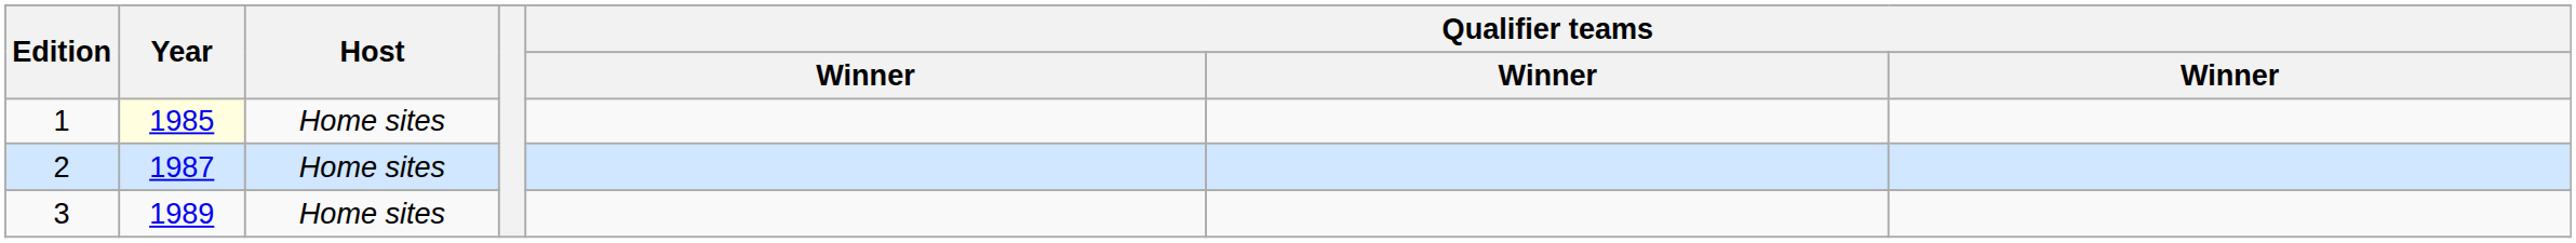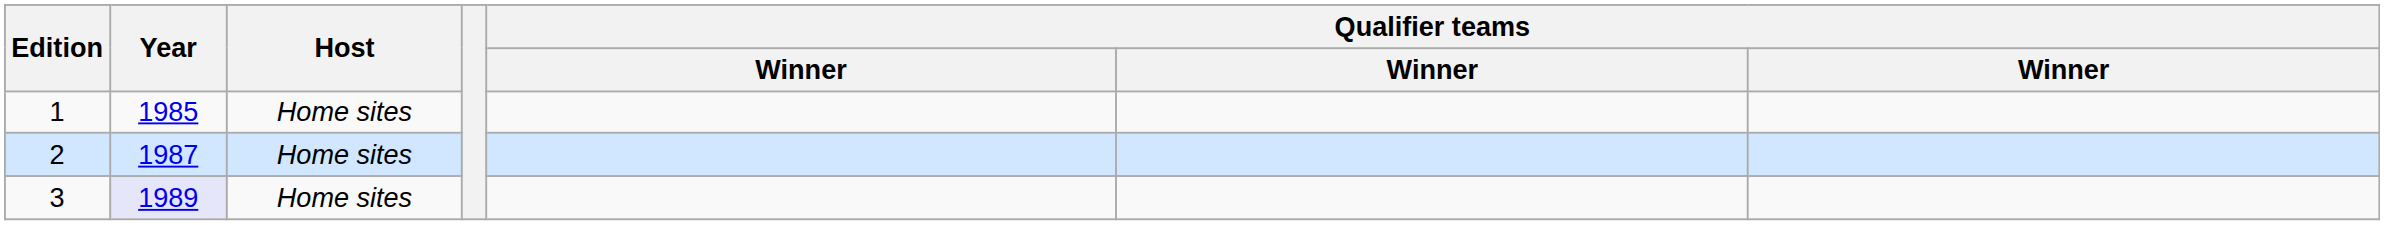 <table class="wikitable" style="font-size:90%; width:100%; text-align:center;">
 <tr>
 <th rowspan=2 width=3%>Edition</th>
 <th rowspan=2 width=5%>Year</th>
 <th rowspan=2 width=10%>Host</th>
 <th width=1% rowspan=5></th>
 <th colspan=3>Qualifier teams</th>
 </tr>
 <tr>
 <th width=27%>Winner</th>
 <th width=27%>Winner</th>
 <th width=27%>Winner</th>
 </tr>
 <tr>
 <td>1</td>
-<td style="background: lightyellow;"><a href='#'>1985</a></td>
+<td><a href='#'>1985</a></td>
 <td> <em>Home sites</em></td>
 <td><strong></strong></td>
 <td><strong></strong></td>
 <td><strong></strong></td>
 </tr>
 <tr bgcolor=#D0E7FF>
 <td>2</td>
 <td><a href='#'>1987</a></td>
 <td> <em>Home sites</em></td>
 <td><strong></strong></td>
 <td><strong></strong></td>
 <td><strong></strong></td>
 </tr>
 <tr>
 <td>3</td>
-<td><a href='#'>1989</a></td>
+<td style="background: lavender;"><a href='#'>1989</a></td>
 <td> <em>Home sites</em></td>
 <td><strong></strong></td>
 <td><strong></strong></td>
 <td><strong></strong></td>
 </tr>
 </table>
